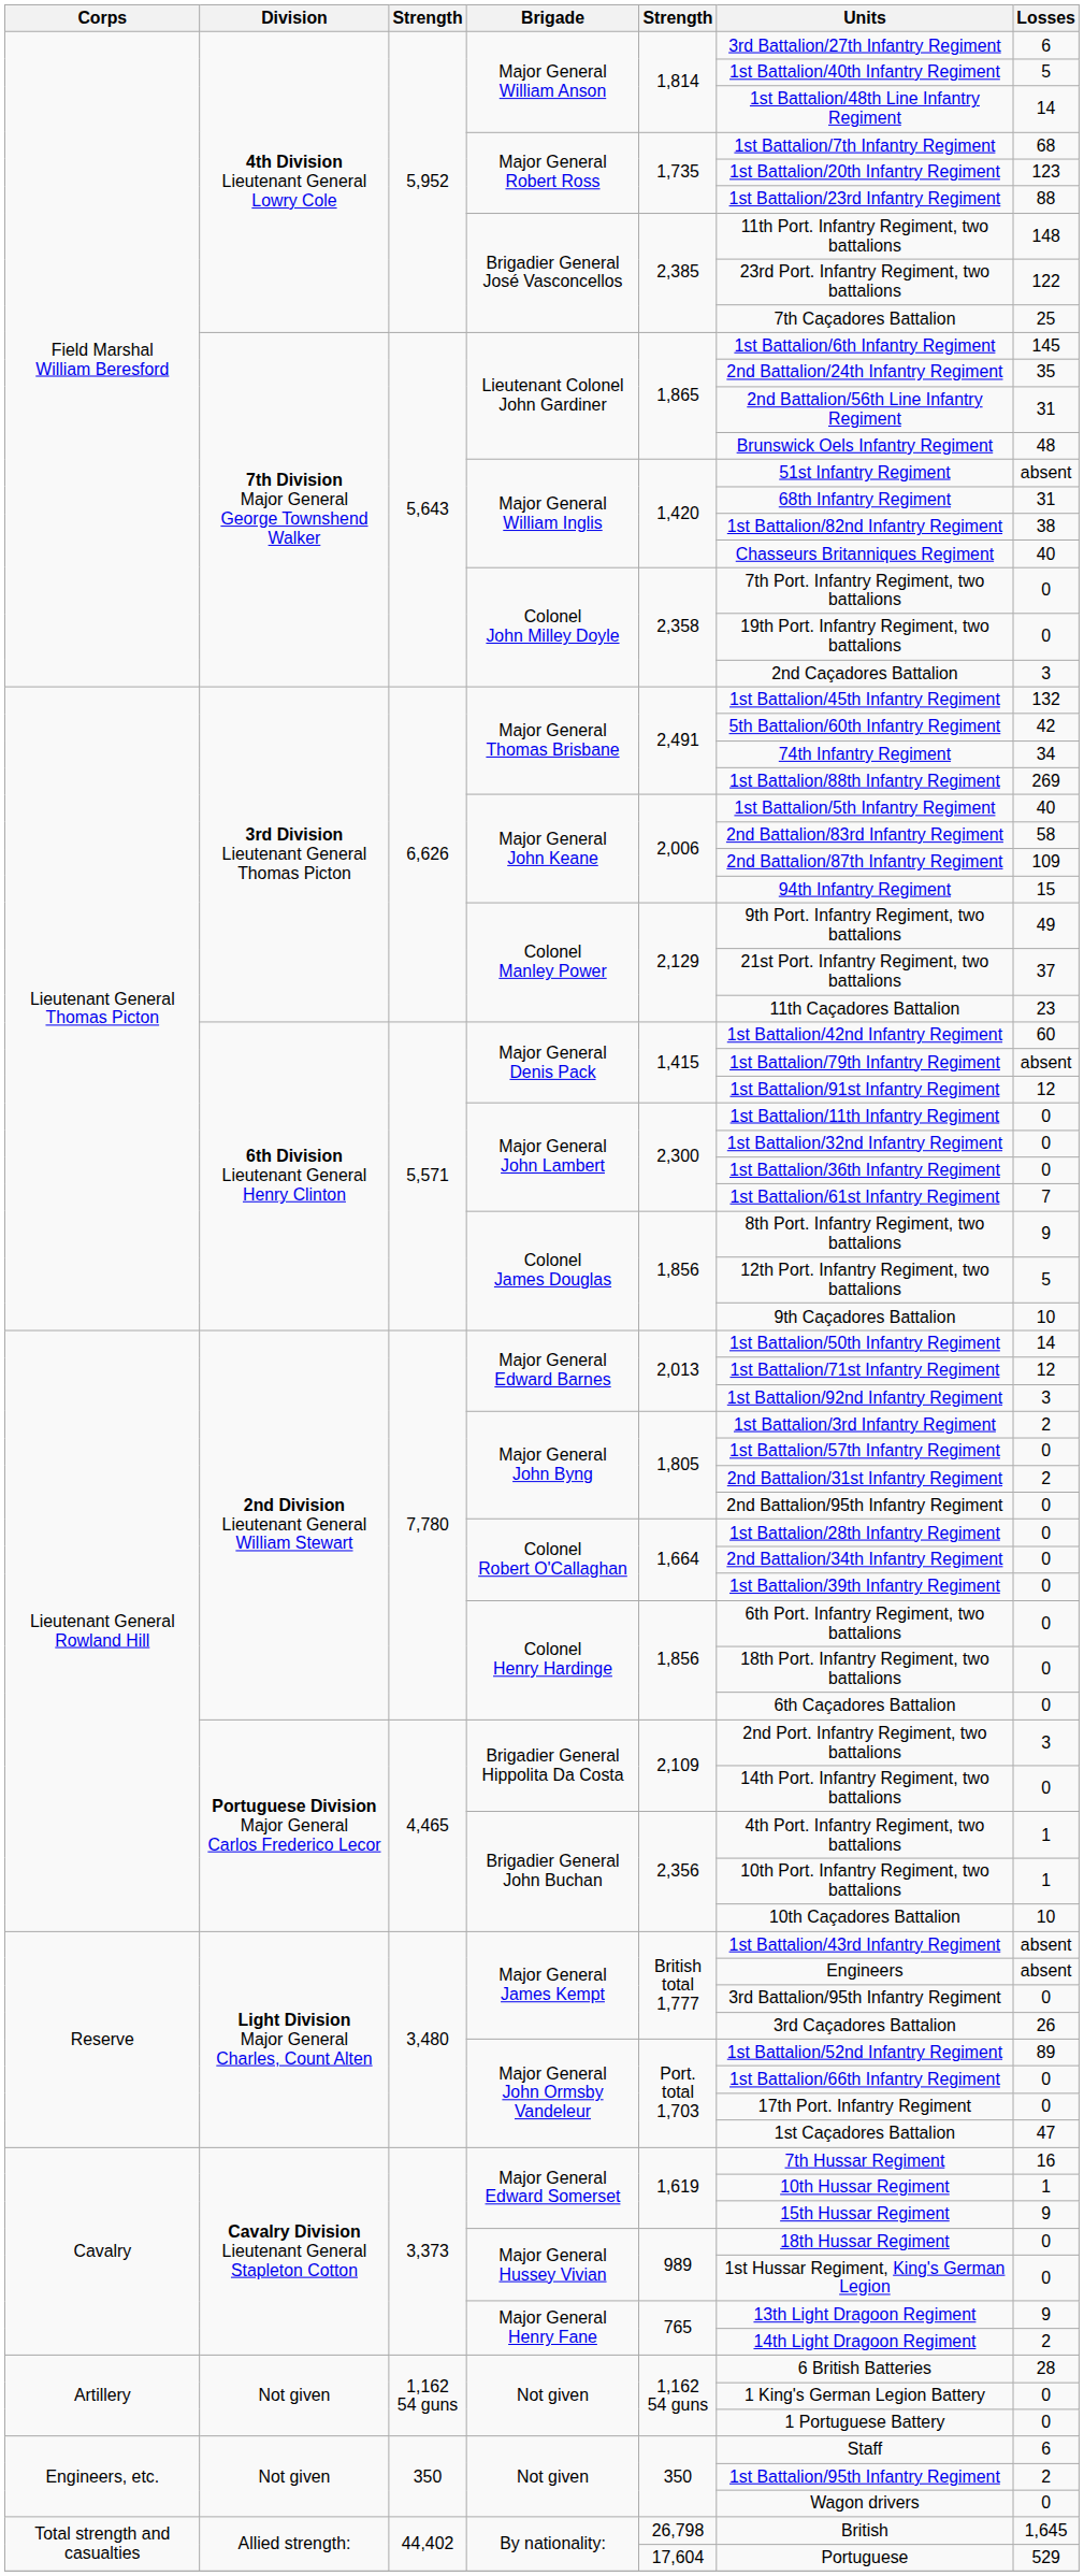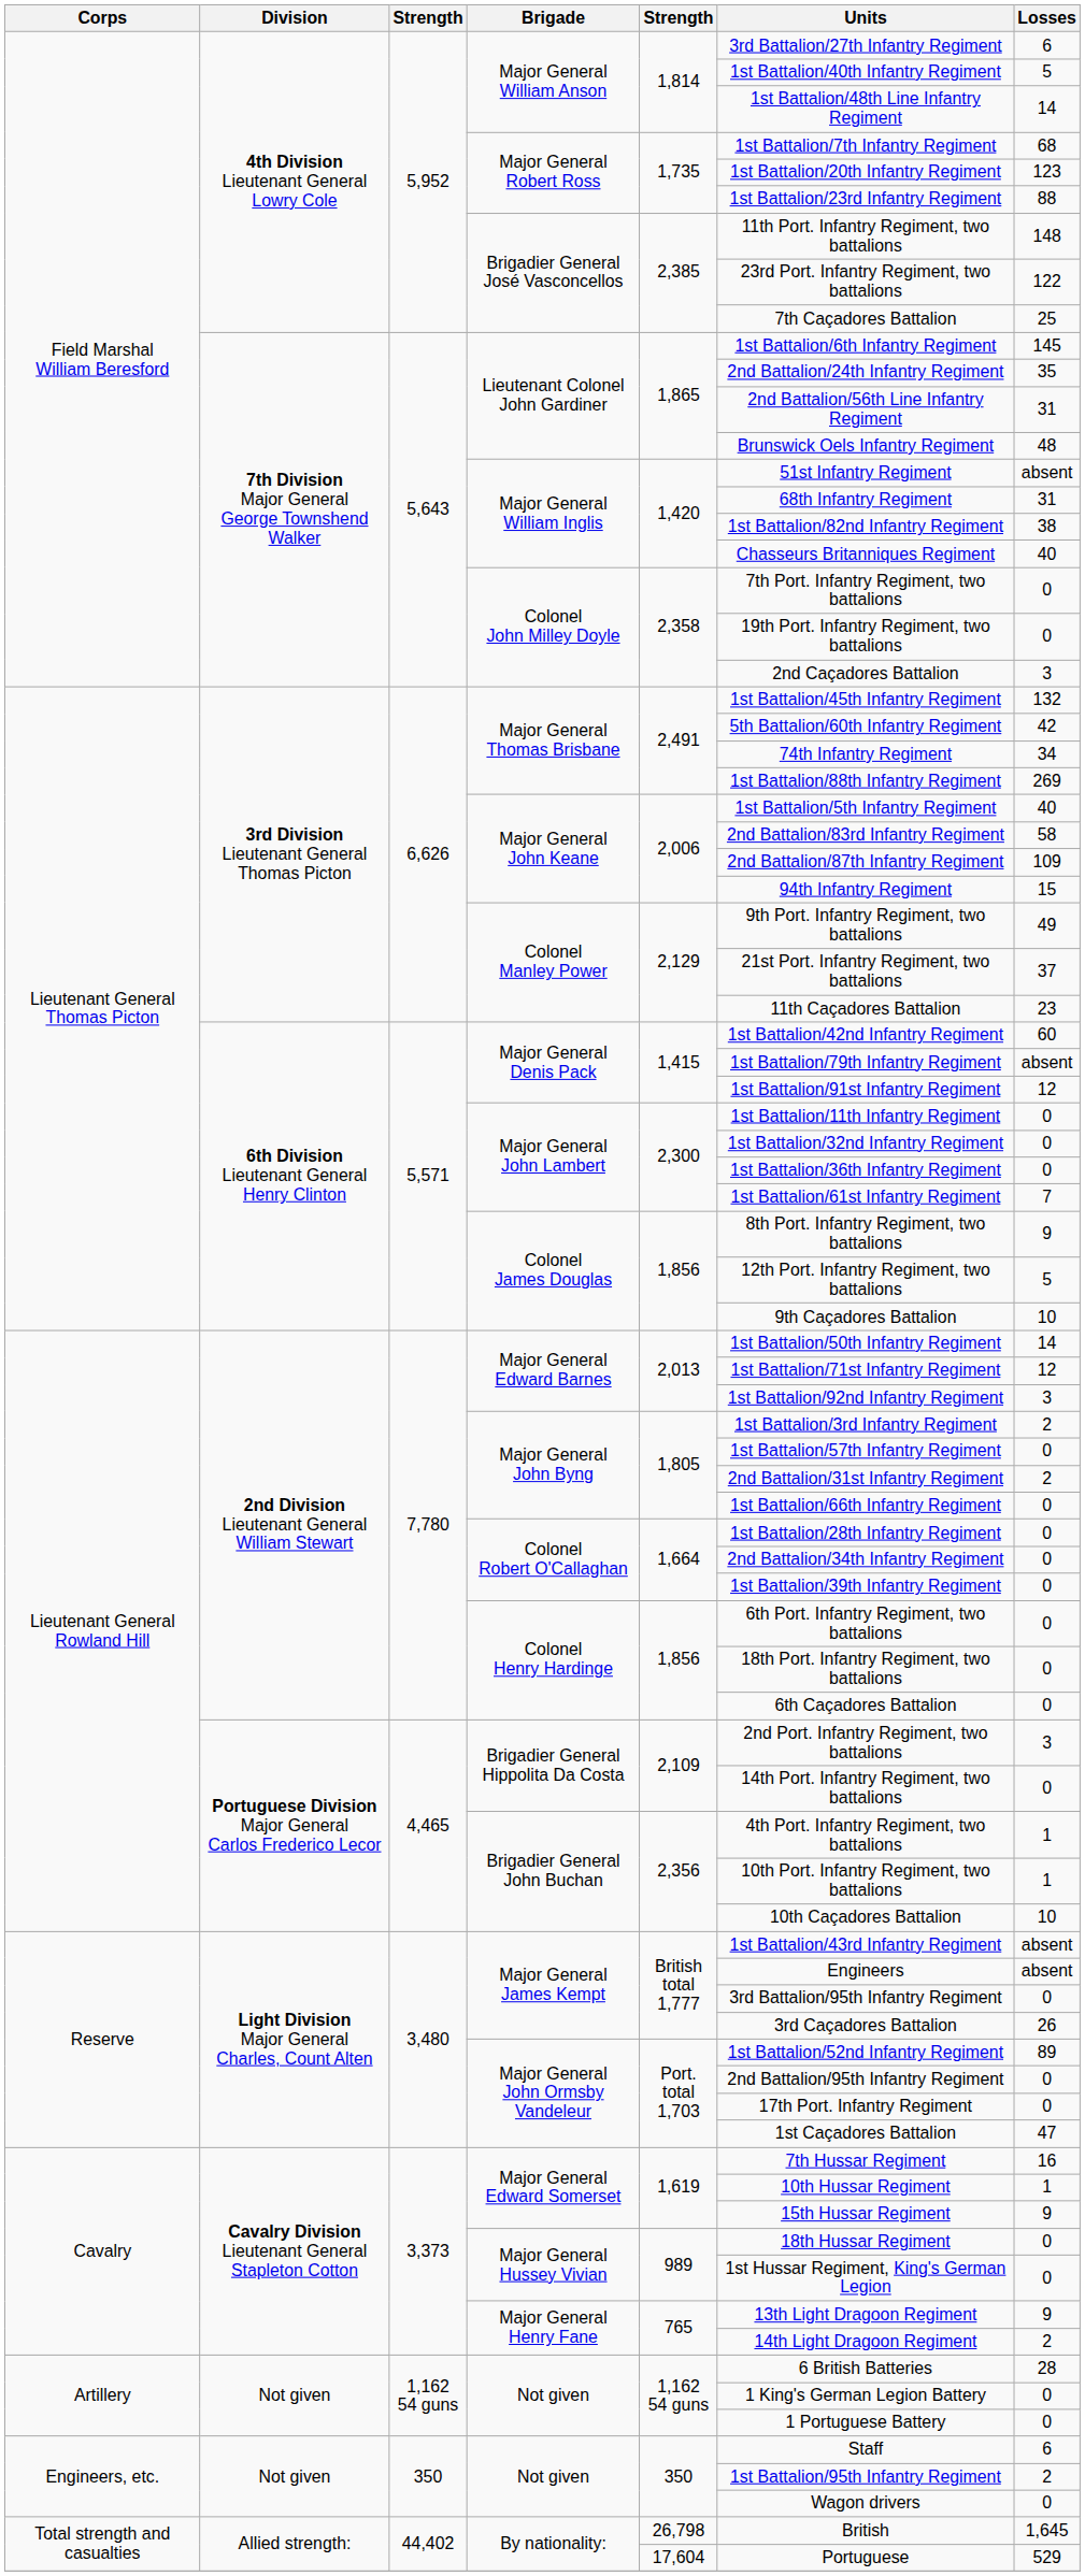 <table class="wikitable" style="text-align:center; width:80%;">
 <tr>
 <th>Corps</th>
 <th>Division</th>
 <th>Strength</th>
 <th>Brigade</th>
 <th>Strength</th>
 <th>Units</th>
 <th>Losses</th>
 </tr>
 <tr>
 <td ROWSPAN=20>Field Marshal<br><a href='#'>William Beresford</a><br></td>
 <td ROWSPAN=9><strong>4th Division</strong><br>Lieutenant General<br><a href='#'>Lowry Cole</a><br></td>
 <td ROWSPAN=9>5,952</td>
 <td ROWSPAN=3>Major General<br><a href='#'>William Anson</a></td>
 <td ROWSPAN=3>1,814</td>
 <td><a href='#'>3rd Battalion/27th Infantry Regiment</a></td>
 <td>6</td>
 </tr>
 <tr>
 <td><a href='#'>1st Battalion/40th Infantry Regiment</a></td>
 <td>5</td>
 </tr>
 <tr>
 <td><a href='#'>1st Battalion/48th Line Infantry Regiment</a></td>
 <td>14</td>
 </tr>
 <tr>
 <td ROWSPAN=3>Major General<br><a href='#'>Robert Ross</a></td>
 <td ROWSPAN=3>1,735</td>
 <td><a href='#'>1st Battalion/7th Infantry Regiment</a></td>
 <td>68</td>
 </tr>
 <tr>
 <td><a href='#'>1st Battalion/20th Infantry Regiment</a></td>
 <td>123</td>
 </tr>
 <tr>
 <td><a href='#'>1st Battalion/23rd Infantry Regiment</a></td>
 <td>88</td>
 </tr>
 <tr>
 <td ROWSPAN=3>Brigadier General<br>José Vasconcellos</td>
 <td ROWSPAN=3>2,385</td>
 <td>11th Port. Infantry Regiment, two battalions</td>
 <td>148</td>
 </tr>
 <tr>
 <td>23rd Port. Infantry Regiment, two battalions</td>
 <td>122</td>
 </tr>
 <tr>
 <td>7th Caçadores Battalion</td>
 <td>25</td>
 </tr>
 <tr>
 <td ROWSPAN=11><strong>7th Division</strong><br>Major General<br><a href='#'>George Townshend Walker</a><br></td>
 <td ROWSPAN=11>5,643</td>
 <td ROWSPAN=4>Lieutenant Colonel<br>John Gardiner</td>
 <td ROWSPAN=4>1,865</td>
 <td><a href='#'>1st Battalion/6th Infantry Regiment</a></td>
 <td>145</td>
 </tr>
 <tr>
 <td><a href='#'>2nd Battalion/24th Infantry Regiment</a></td>
 <td>35</td>
 </tr>
 <tr>
 <td><a href='#'>2nd Battalion/56th Line Infantry Regiment</a></td>
 <td>31</td>
 </tr>
 <tr>
 <td><a href='#'>Brunswick Oels Infantry Regiment</a></td>
 <td>48</td>
 </tr>
 <tr>
 <td ROWSPAN=4>Major General<br><a href='#'>William Inglis</a></td>
 <td ROWSPAN=4>1,420</td>
 <td><a href='#'>51st Infantry Regiment</a></td>
 <td>absent</td>
 </tr>
 <tr>
 <td><a href='#'>68th Infantry Regiment</a></td>
 <td>31</td>
 </tr>
 <tr>
 <td><a href='#'>1st Battalion/82nd Infantry Regiment</a></td>
 <td>38</td>
 </tr>
 <tr>
 <td><a href='#'>Chasseurs Britanniques Regiment</a></td>
 <td>40</td>
 </tr>
 <tr>
 <td ROWSPAN=3>Colonel<br><a href='#'>John Milley Doyle</a></td>
 <td ROWSPAN=3>2,358</td>
 <td>7th Port. Infantry Regiment, two battalions</td>
 <td>0</td>
 </tr>
 <tr>
 <td>19th Port. Infantry Regiment, two battalions</td>
 <td>0</td>
 </tr>
 <tr>
 <td>2nd Caçadores Battalion</td>
 <td>3</td>
 </tr>
 <tr>
 <td ROWSPAN=21>Lieutenant General<br><a href='#'>Thomas Picton</a><br></td>
 <td ROWSPAN=11><strong>3rd Division</strong><br>Lieutenant General<br>Thomas Picton<br></td>
 <td ROWSPAN=11>6,626</td>
 <td ROWSPAN=4>Major General<br><a href='#'>Thomas Brisbane</a></td>
 <td ROWSPAN=4>2,491</td>
 <td><a href='#'>1st Battalion/45th Infantry Regiment</a></td>
 <td>132</td>
 </tr>
 <tr>
 <td><a href='#'>5th Battalion/60th Infantry Regiment</a></td>
 <td>42</td>
 </tr>
 <tr>
 <td><a href='#'>74th Infantry Regiment</a></td>
 <td>34</td>
 </tr>
 <tr>
 <td><a href='#'>1st Battalion/88th Infantry Regiment</a></td>
 <td>269</td>
 </tr>
 <tr>
 <td ROWSPAN=4>Major General<br><a href='#'>John Keane</a></td>
 <td ROWSPAN=4>2,006</td>
 <td><a href='#'>1st Battalion/5th Infantry Regiment</a></td>
 <td>40</td>
 </tr>
 <tr>
 <td><a href='#'>2nd Battalion/83rd Infantry Regiment</a></td>
 <td>58</td>
 </tr>
 <tr>
 <td><a href='#'>2nd Battalion/87th Infantry Regiment</a></td>
 <td>109</td>
 </tr>
 <tr>
 <td><a href='#'>94th Infantry Regiment</a></td>
 <td>15</td>
 </tr>
 <tr>
 <td ROWSPAN=3>Colonel<br><a href='#'>Manley Power</a></td>
 <td ROWSPAN=3>2,129</td>
 <td>9th Port. Infantry Regiment, two battalions</td>
 <td>49</td>
 </tr>
 <tr>
 <td>21st Port. Infantry Regiment, two battalions</td>
 <td>37</td>
 </tr>
 <tr>
 <td>11th Caçadores Battalion</td>
 <td>23</td>
 </tr>
 <tr>
 <td ROWSPAN=10><strong>6th Division</strong><br>Lieutenant General<br><a href='#'>Henry Clinton</a><br></td>
 <td ROWSPAN=10>5,571</td>
 <td ROWSPAN=3>Major General<br><a href='#'>Denis Pack</a></td>
 <td ROWSPAN=3>1,415</td>
 <td><a href='#'>1st Battalion/42nd Infantry Regiment</a></td>
 <td>60</td>
 </tr>
 <tr>
 <td><a href='#'>1st Battalion/79th Infantry Regiment</a></td>
 <td>absent</td>
 </tr>
 <tr>
 <td><a href='#'>1st Battalion/91st Infantry Regiment</a></td>
 <td>12</td>
 </tr>
 <tr>
 <td ROWSPAN=4>Major General<br><a href='#'>John Lambert</a></td>
 <td ROWSPAN=4>2,300</td>
 <td><a href='#'>1st Battalion/11th Infantry Regiment</a></td>
 <td>0</td>
 </tr>
 <tr>
 <td><a href='#'>1st Battalion/32nd Infantry Regiment</a></td>
 <td>0</td>
 </tr>
 <tr>
 <td><a href='#'>1st Battalion/36th Infantry Regiment</a></td>
 <td>0</td>
 </tr>
 <tr>
 <td><a href='#'>1st Battalion/61st Infantry Regiment</a></td>
 <td>7</td>
 </tr>
 <tr>
 <td ROWSPAN=3>Colonel<br><a href='#'>James Douglas</a></td>
 <td ROWSPAN=3>1,856</td>
 <td>8th Port. Infantry Regiment, two battalions</td>
 <td>9</td>
 </tr>
 <tr>
 <td>12th Port. Infantry Regiment, two battalions</td>
 <td>5</td>
 </tr>
 <tr>
 <td>9th Caçadores Battalion</td>
 <td>10</td>
 </tr>
 <tr>
 <td ROWSPAN=18>Lieutenant General<br><a href='#'>Rowland Hill</a><br></td>
 <td ROWSPAN=13><strong>2nd Division</strong><br>Lieutenant General<br><a href='#'>William Stewart</a></td>
 <td ROWSPAN=13>7,780</td>
 <td ROWSPAN=3>Major General<br><a href='#'>Edward Barnes</a></td>
 <td ROWSPAN=3>2,013</td>
 <td><a href='#'>1st Battalion/50th Infantry Regiment</a></td>
 <td>14</td>
 </tr>
 <tr>
 <td><a href='#'>1st Battalion/71st Infantry Regiment</a></td>
 <td>12</td>
 </tr>
 <tr>
 <td><a href='#'>1st Battalion/92nd Infantry Regiment</a></td>
 <td>3</td>
 </tr>
 <tr>
 <td ROWSPAN=4>Major General<br><a href='#'>John Byng</a></td>
 <td ROWSPAN=4>1,805</td>
 <td><a href='#'>1st Battalion/3rd Infantry Regiment</a></td>
 <td>2</td>
 </tr>
 <tr>
 <td><a href='#'>1st Battalion/57th Infantry Regiment</a></td>
 <td>0</td>
 </tr>
 <tr>
 <td><a href='#'>2nd Battalion/31st Infantry Regiment</a></td>
 <td>2</td>
 </tr>
 <tr>
-<td>2nd Battalion/95th Infantry Regiment</td>
+<td><a href='#'>1st Battalion/66th Infantry Regiment</a></td>
 <td>0</td>
 </tr>
 <tr>
 <td ROWSPAN=3>Colonel<br><a href='#'>Robert O'Callaghan</a></td>
 <td ROWSPAN=3>1,664</td>
 <td><a href='#'>1st Battalion/28th Infantry Regiment</a></td>
 <td>0</td>
 </tr>
 <tr>
 <td><a href='#'>2nd Battalion/34th Infantry Regiment</a></td>
 <td>0</td>
 </tr>
 <tr>
 <td><a href='#'>1st Battalion/39th Infantry Regiment</a></td>
 <td>0</td>
 </tr>
 <tr>
 <td ROWSPAN=3>Colonel<br><a href='#'>Henry Hardinge</a></td>
 <td ROWSPAN=3>1,856</td>
 <td>6th Port. Infantry Regiment, two battalions</td>
 <td>0</td>
 </tr>
 <tr>
 <td>18th Port. Infantry Regiment, two battalions</td>
 <td>0</td>
 </tr>
 <tr>
 <td>6th Caçadores Battalion</td>
 <td>0</td>
 </tr>
 <tr>
 <td ROWSPAN=5><strong>Portuguese Division</strong><br>Major General<br><a href='#'>Carlos Frederico Lecor</a><br></td>
 <td ROWSPAN=5>4,465</td>
 <td ROWSPAN=2>Brigadier General<br>Hippolita Da Costa</td>
 <td ROWSPAN=2>2,109</td>
 <td>2nd Port. Infantry Regiment, two battalions</td>
 <td>3</td>
 </tr>
 <tr>
 <td>14th Port. Infantry Regiment, two battalions</td>
 <td>0</td>
 </tr>
 <tr>
 <td ROWSPAN=3>Brigadier General<br>John Buchan</td>
 <td ROWSPAN=3>2,356</td>
 <td>4th Port. Infantry Regiment, two battalions</td>
 <td>1</td>
 </tr>
 <tr>
 <td>10th Port. Infantry Regiment, two battalions</td>
 <td>1</td>
 </tr>
 <tr>
 <td>10th Caçadores Battalion</td>
 <td>10</td>
 </tr>
 <tr>
 <td ROWSPAN=8>Reserve</td>
 <td ROWSPAN=8><strong>Light Division</strong><br>Major General<br><a href='#'>Charles, Count Alten</a><br></td>
 <td ROWSPAN=8>3,480</td>
 <td ROWSPAN=4>Major General<br><a href='#'>James Kempt</a></td>
 <td ROWSPAN=4>British<br>total<br>1,777</td>
 <td><a href='#'>1st Battalion/43rd Infantry Regiment</a></td>
 <td>absent</td>
 </tr>
 <tr>
 <td>Engineers</td>
 <td>absent</td>
 </tr>
 <tr>
 <td>3rd Battalion/95th Infantry Regiment</td>
 <td>0</td>
 </tr>
 <tr>
 <td>3rd Caçadores Battalion</td>
 <td>26</td>
 </tr>
 <tr>
 <td ROWSPAN=4>Major General<br><a href='#'>John Ormsby Vandeleur</a></td>
 <td ROWSPAN=4>Port.<br>total<br>1,703</td>
 <td><a href='#'>1st Battalion/52nd Infantry Regiment</a></td>
 <td>89</td>
 </tr>
 <tr>
-<td><a href='#'>1st Battalion/66th Infantry Regiment</a></td>
+<td>2nd Battalion/95th Infantry Regiment</td>
 <td>0</td>
 </tr>
 <tr>
 <td>17th Port. Infantry Regiment</td>
 <td>0</td>
 </tr>
 <tr>
 <td>1st Caçadores Battalion</td>
 <td>47</td>
 </tr>
 <tr>
 <td ROWSPAN=7>Cavalry</td>
 <td ROWSPAN=7><strong>Cavalry Division</strong><br>Lieutenant General<br><a href='#'>Stapleton Cotton</a><br></td>
 <td ROWSPAN=7>3,373</td>
 <td ROWSPAN=3>Major General<br><a href='#'>Edward Somerset</a></td>
 <td ROWSPAN=3>1,619</td>
 <td><a href='#'>7th Hussar Regiment</a></td>
 <td>16</td>
 </tr>
 <tr>
 <td><a href='#'>10th Hussar Regiment</a></td>
 <td>1</td>
 </tr>
 <tr>
 <td><a href='#'>15th Hussar Regiment</a></td>
 <td>9</td>
 </tr>
 <tr>
 <td ROWSPAN=2>Major General<br><a href='#'>Hussey Vivian</a></td>
 <td ROWSPAN=2>989</td>
 <td><a href='#'>18th Hussar Regiment</a></td>
 <td>0</td>
 </tr>
 <tr>
 <td>1st Hussar Regiment, <a href='#'>King's German Legion</a></td>
 <td>0</td>
 </tr>
 <tr>
 <td ROWSPAN=2>Major General<br><a href='#'>Henry Fane</a></td>
 <td ROWSPAN=2>765</td>
 <td><a href='#'>13th Light Dragoon Regiment</a></td>
 <td>9</td>
 </tr>
 <tr>
 <td><a href='#'>14th Light Dragoon Regiment</a></td>
 <td>2</td>
 </tr>
 <tr>
 <td ROWSPAN=3>Artillery</td>
 <td ROWSPAN=3>Not given</td>
 <td ROWSPAN=3>1,162<br>54 guns</td>
 <td ROWSPAN=3>Not given</td>
 <td ROWSPAN=3>1,162<br>54 guns</td>
 <td>6 British Batteries</td>
 <td>28</td>
 </tr>
 <tr>
 <td>1 King's German Legion Battery</td>
 <td>0</td>
 </tr>
 <tr>
 <td>1 Portuguese Battery</td>
 <td>0</td>
 </tr>
 <tr>
 <td ROWSPAN=3>Engineers, etc.</td>
 <td ROWSPAN=3>Not given</td>
 <td ROWSPAN=3>350</td>
 <td ROWSPAN=3>Not given</td>
 <td ROWSPAN=3>350</td>
 <td>Staff</td>
 <td>6</td>
 </tr>
 <tr>
 <td><a href='#'>1st Battalion/95th Infantry Regiment</a></td>
 <td>2</td>
 </tr>
 <tr>
 <td>Wagon drivers</td>
 <td>0</td>
 </tr>
 <tr>
 <td ROWSPAN=2>Total strength and casualties</td>
 <td ROWSPAN=2>Allied strength:</td>
 <td ROWSPAN=2>44,402</td>
 <td ROWSPAN=2>By nationality:</td>
 <td>26,798</td>
 <td>British</td>
 <td>1,645</td>
 </tr>
 <tr>
 <td>17,604</td>
 <td>Portuguese</td>
 <td>529</td>
 </tr>
 <tr>
 </tr>
 </table>
